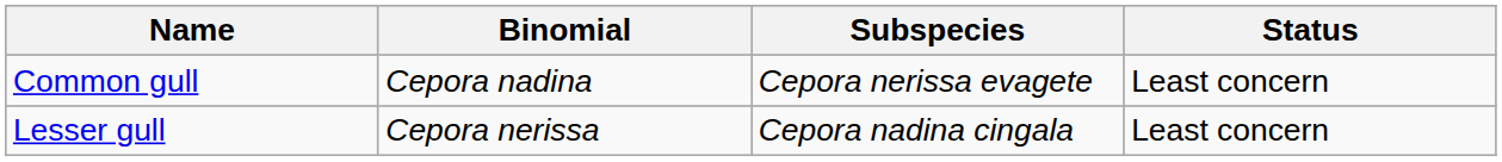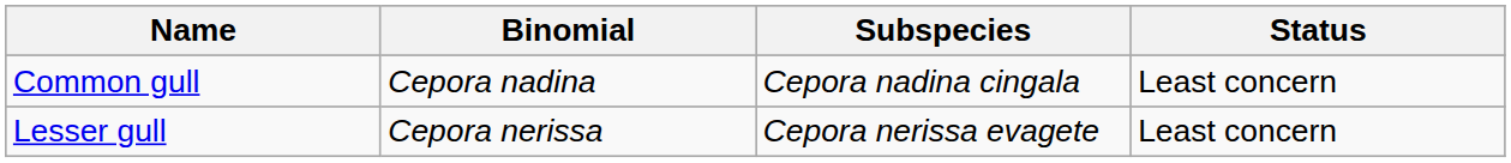 <table width=60% class="wikitable">
 <tr>
 <th width=20%>Name</th>
 <th width=20%>Binomial</th>
 <th width=20%>Subspecies</th>
 <th width=20%>Status</th>
 </tr>
 <tr>
 <td><a href='#'>Common gull</a><br> </td>
 <td><em>Cepora nadina</em></td>
-<td><em>Cepora nerissa evagete</em></td>
+<td><em>Cepora nadina cingala</em></td>
 <td>Least concern</td>
 </tr>
 <tr>
 <td><a href='#'>Lesser gull</a><br> </td>
 <td><em>Cepora nerissa</em></td>
-<td><em>Cepora nadina cingala</em></td>
+<td><em>Cepora nerissa evagete</em></td>
 <td>Least concern</td>
 </tr>
 </table>
